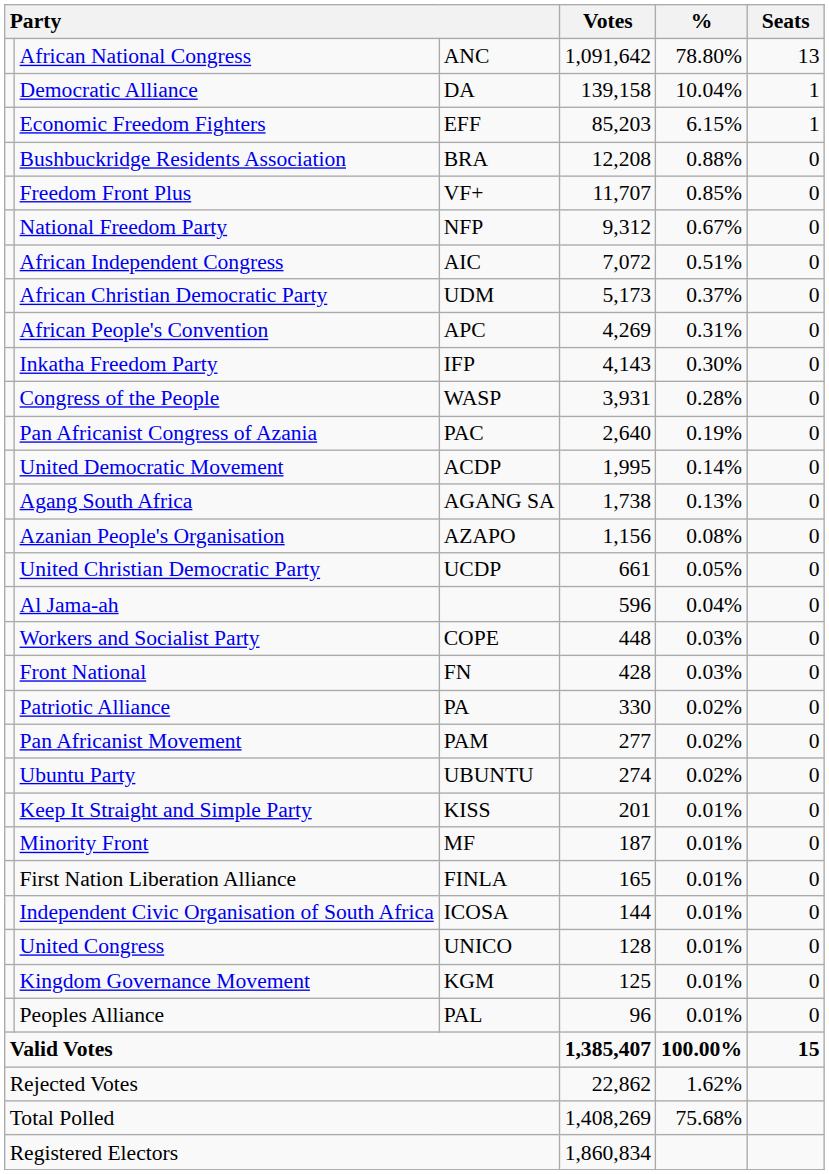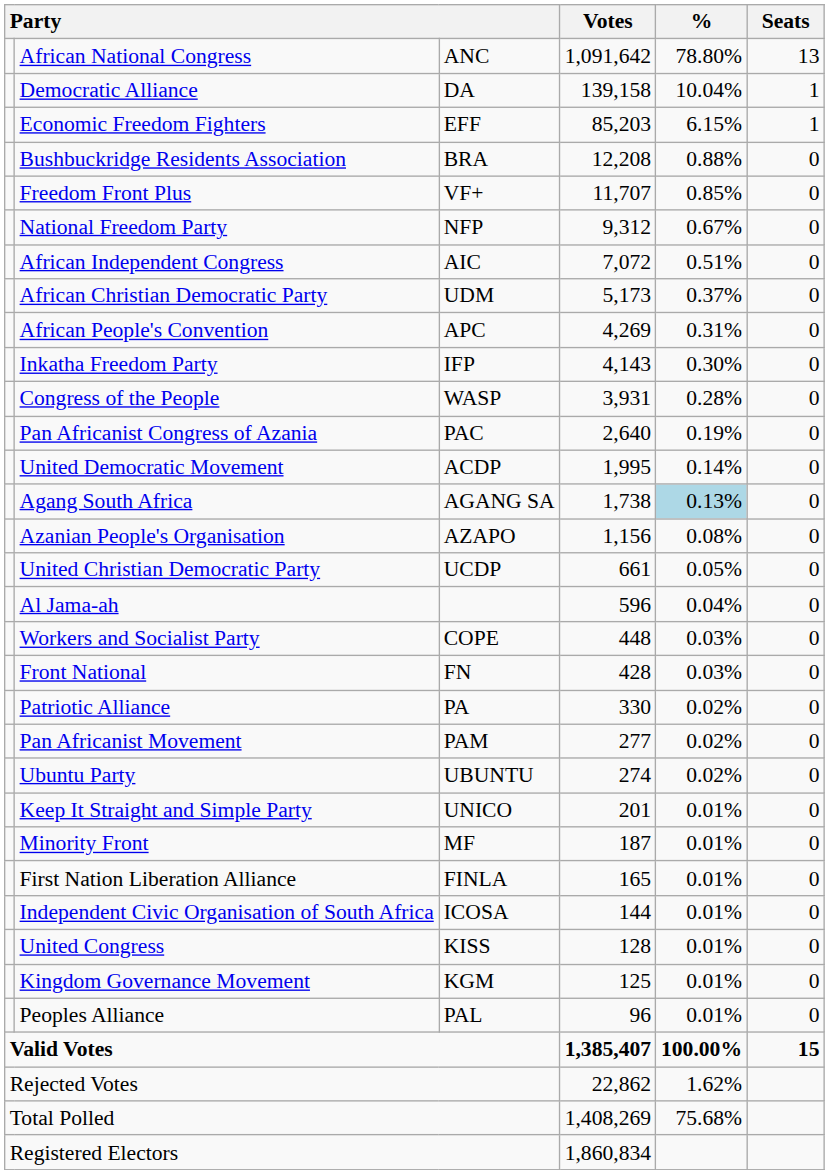 <table class="wikitable" border="1" style="text-align:right;">
 <tr>
 <th style="text-align:left;" colspan=3>Party</th>
 <th align=center width="50">Votes</th>
 <th align=center width="50">%</th>
 <th align=center width="50">Seats</th>
 </tr>
 <tr>
 <td style="background:"></td>
 <td align=left><a href='#'>African National Congress</a></td>
 <td align=left>ANC</td>
 <td>1,091,642</td>
 <td>78.80%</td>
 <td>13</td>
 </tr>
 <tr>
 <td style="background:"></td>
 <td align=left><a href='#'>Democratic Alliance</a></td>
 <td align=left>DA</td>
 <td>139,158</td>
 <td>10.04%</td>
 <td>1</td>
 </tr>
 <tr>
 <td style="background:"></td>
 <td align=left><a href='#'>Economic Freedom Fighters</a></td>
 <td align=left>EFF</td>
 <td>85,203</td>
 <td>6.15%</td>
 <td>1</td>
 </tr>
 <tr>
 <td style="background:"></td>
 <td align=left><a href='#'>Bushbuckridge Residents Association</a></td>
 <td align=left>BRA</td>
 <td>12,208</td>
 <td>0.88%</td>
 <td>0</td>
 </tr>
 <tr>
 <td style="background:"></td>
 <td align=left><a href='#'>Freedom Front Plus</a></td>
 <td align=left>VF+</td>
 <td>11,707</td>
 <td>0.85%</td>
 <td>0</td>
 </tr>
 <tr>
 <td style="background:"></td>
 <td align=left><a href='#'>National Freedom Party</a></td>
 <td align=left>NFP</td>
 <td>9,312</td>
 <td>0.67%</td>
 <td>0</td>
 </tr>
 <tr>
 <td style="background:"></td>
 <td align=left><a href='#'>African Independent Congress</a></td>
 <td align=left>AIC</td>
 <td>7,072</td>
 <td>0.51%</td>
 <td>0</td>
 </tr>
 <tr>
 <td style="background:"></td>
 <td align=left><a href='#'>African Christian Democratic Party</a></td>
 <td align=left>UDM</td>
 <td>5,173</td>
 <td>0.37%</td>
 <td>0</td>
 </tr>
 <tr>
 <td style="background:"></td>
 <td align=left><a href='#'>African People's Convention</a></td>
 <td align=left>APC</td>
 <td>4,269</td>
 <td>0.31%</td>
 <td>0</td>
 </tr>
 <tr>
 <td style="background:"></td>
 <td align=left><a href='#'>Inkatha Freedom Party</a></td>
 <td align=left>IFP</td>
 <td>4,143</td>
 <td>0.30%</td>
 <td>0</td>
 </tr>
 <tr>
 <td style="background:"></td>
 <td align=left><a href='#'>Congress of the People</a></td>
 <td align=left>WASP</td>
 <td>3,931</td>
 <td>0.28%</td>
 <td>0</td>
 </tr>
 <tr>
 <td style="background:"></td>
 <td align=left><a href='#'>Pan Africanist Congress of Azania</a></td>
 <td align=left>PAC</td>
 <td>2,640</td>
 <td>0.19%</td>
 <td>0</td>
 </tr>
 <tr>
 <td style="background:"></td>
 <td align=left><a href='#'>United Democratic Movement</a></td>
 <td align=left>ACDP</td>
 <td>1,995</td>
 <td>0.14%</td>
 <td>0</td>
 </tr>
 <tr>
 <td style="background:"></td>
 <td align=left><a href='#'>Agang South Africa</a></td>
 <td align=left>AGANG SA</td>
 <td>1,738</td>
-<td>0.13%</td>
+<td style="background: lightblue;">0.13%</td>
 <td>0</td>
 </tr>
 <tr>
 <td style="background:"></td>
 <td align=left><a href='#'>Azanian People's Organisation</a></td>
 <td align=left>AZAPO</td>
 <td>1,156</td>
 <td>0.08%</td>
 <td>0</td>
 </tr>
 <tr>
 <td style="background:"></td>
 <td align=left><a href='#'>United Christian Democratic Party</a></td>
 <td align=left>UCDP</td>
 <td>661</td>
 <td>0.05%</td>
 <td>0</td>
 </tr>
 <tr>
 <td style="background:"></td>
 <td align=left><a href='#'>Al Jama-ah</a></td>
 <td align=left></td>
 <td>596</td>
 <td>0.04%</td>
 <td>0</td>
 </tr>
 <tr>
 <td style="background:"></td>
 <td align=left><a href='#'>Workers and Socialist Party</a></td>
 <td align=left>COPE</td>
 <td>448</td>
 <td>0.03%</td>
 <td>0</td>
 </tr>
 <tr>
 <td style="background:"></td>
 <td align=left><a href='#'>Front National</a></td>
 <td align=left>FN</td>
 <td>428</td>
 <td>0.03%</td>
 <td>0</td>
 </tr>
 <tr>
 <td style="background:"></td>
 <td align=left><a href='#'>Patriotic Alliance</a></td>
 <td align=left>PA</td>
 <td>330</td>
 <td>0.02%</td>
 <td>0</td>
 </tr>
 <tr>
 <td style="background:"></td>
 <td align=left><a href='#'>Pan Africanist Movement</a></td>
 <td align=left>PAM</td>
 <td>277</td>
 <td>0.02%</td>
 <td>0</td>
 </tr>
 <tr>
 <td style="background:"></td>
 <td align=left><a href='#'>Ubuntu Party</a></td>
 <td align=left>UBUNTU</td>
 <td>274</td>
 <td>0.02%</td>
 <td>0</td>
 </tr>
 <tr>
 <td style="background:"></td>
 <td align=left><a href='#'>Keep It Straight and Simple Party</a></td>
-<td align=left>KISS</td>
+<td align=left>UNICO</td>
 <td>201</td>
 <td>0.01%</td>
 <td>0</td>
 </tr>
 <tr>
 <td style="background:"></td>
 <td align=left><a href='#'>Minority Front</a></td>
 <td align=left>MF</td>
 <td>187</td>
 <td>0.01%</td>
 <td>0</td>
 </tr>
 <tr>
 <td></td>
 <td align=left>First Nation Liberation Alliance</td>
 <td align=left>FINLA</td>
 <td>165</td>
 <td>0.01%</td>
 <td>0</td>
 </tr>
 <tr>
 <td style="background:"></td>
 <td align=left><a href='#'>Independent Civic Organisation of South Africa</a></td>
 <td align=left>ICOSA</td>
 <td>144</td>
 <td>0.01%</td>
 <td>0</td>
 </tr>
 <tr>
 <td style="background:"></td>
 <td align=left><a href='#'>United Congress</a></td>
-<td align=left>UNICO</td>
+<td align=left>KISS</td>
 <td>128</td>
 <td>0.01%</td>
 <td>0</td>
 </tr>
 <tr>
 <td></td>
 <td align=left><a href='#'>Kingdom Governance Movement</a></td>
 <td align=left>KGM</td>
 <td>125</td>
 <td>0.01%</td>
 <td>0</td>
 </tr>
 <tr>
 <td></td>
 <td align=left>Peoples Alliance</td>
 <td align=left>PAL</td>
 <td>96</td>
 <td>0.01%</td>
 <td>0</td>
 </tr>
 <tr style="font-weight:bold">
 <td align=left colspan=3>Valid Votes</td>
 <td>1,385,407</td>
 <td>100.00%</td>
 <td>15</td>
 </tr>
 <tr>
 <td align=left colspan=3>Rejected Votes</td>
 <td>22,862</td>
 <td>1.62%</td>
 <td></td>
 </tr>
 <tr>
 <td align=left colspan=3>Total Polled</td>
 <td>1,408,269</td>
 <td>75.68%</td>
 <td></td>
 </tr>
 <tr>
 <td align=left colspan=3>Registered Electors</td>
 <td>1,860,834</td>
 <td></td>
 <td></td>
 </tr>
 </table>
